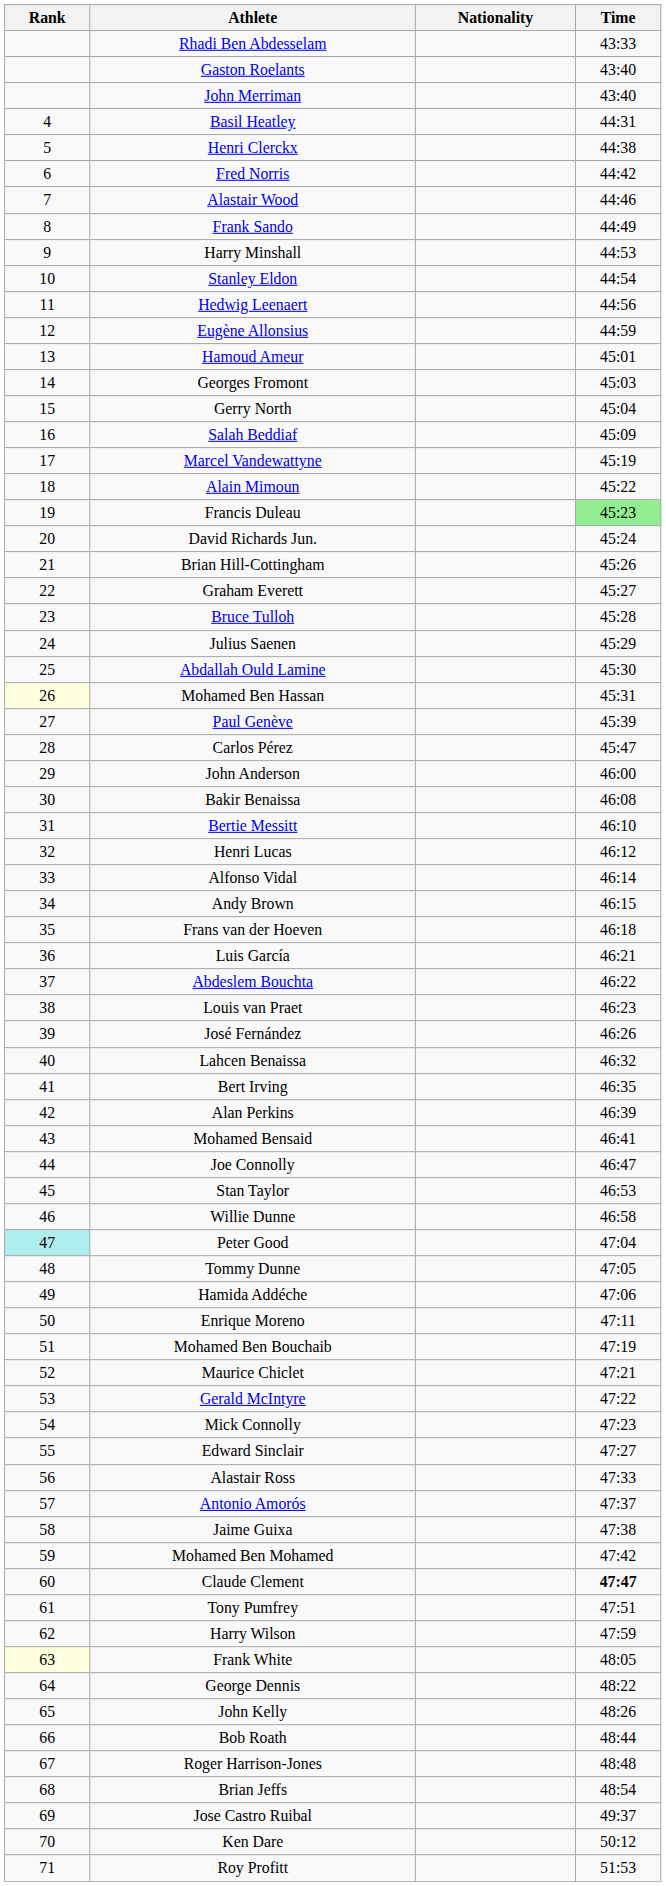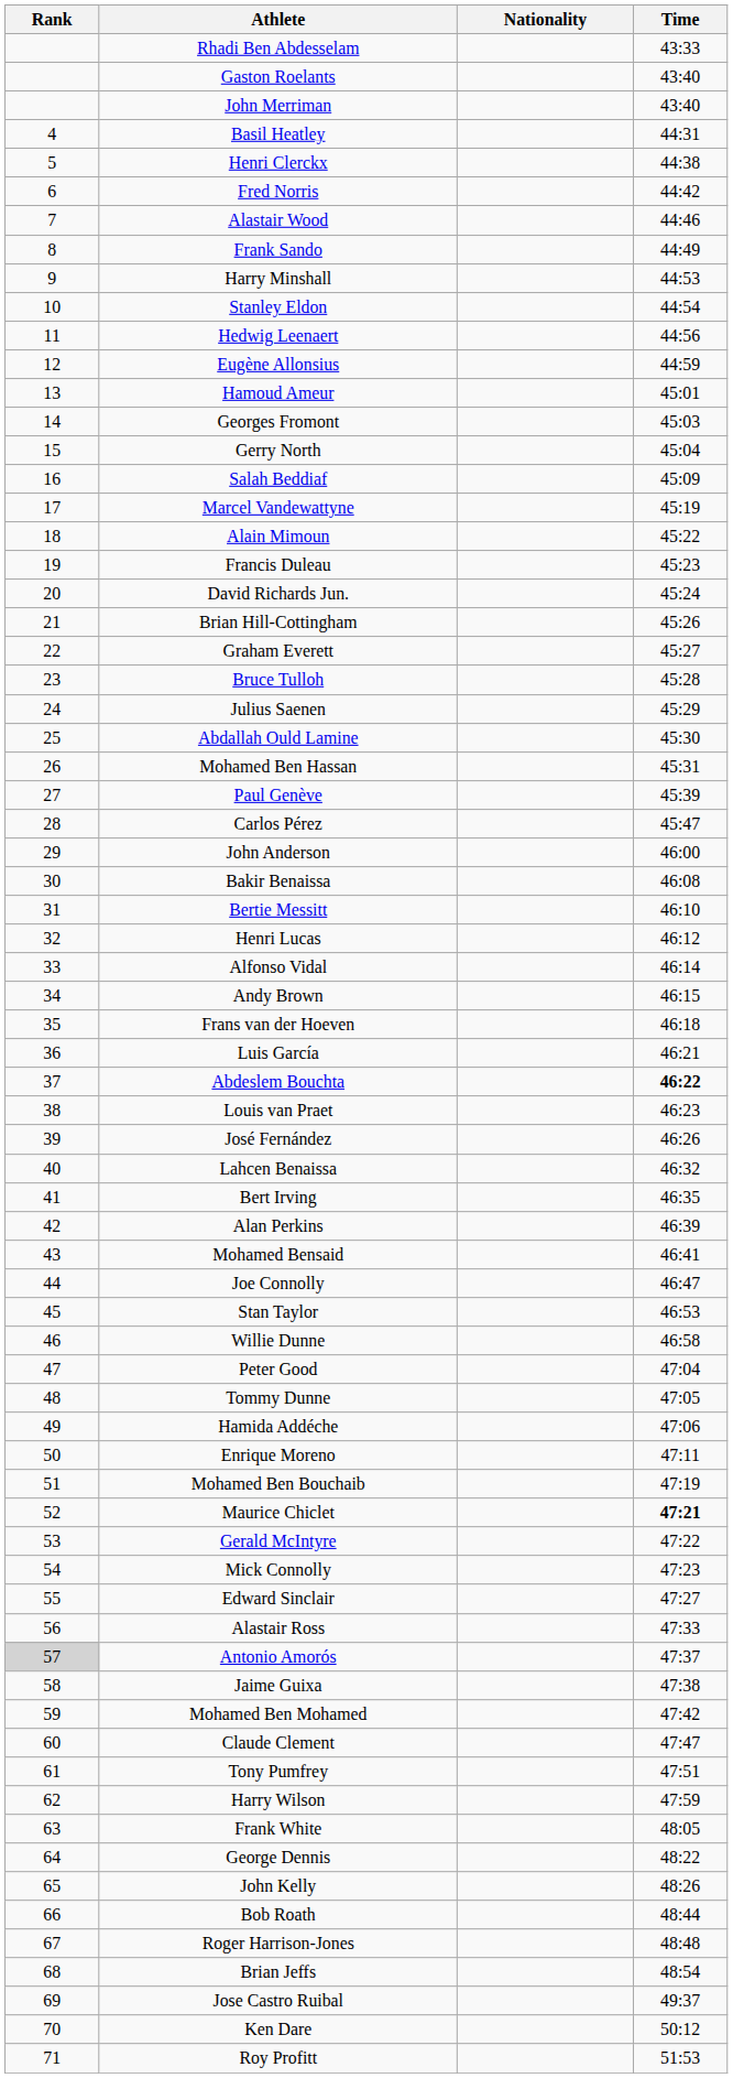 <table class="wikitable sortable" style=" text-align:center; font-size:95%;" width="50%">
 <tr>
 <th>Rank</th>
 <th>Athlete</th>
 <th>Nationality</th>
 <th>Time</th>
 </tr>
 <tr>
 <td align=center></td>
 <td><a href='#'>Rhadi Ben Abdesselam</a></td>
 <td></td>
 <td>43:33</td>
 </tr>
 <tr>
 <td align=center></td>
 <td><a href='#'>Gaston Roelants</a></td>
 <td></td>
 <td>43:40</td>
 </tr>
 <tr>
 <td align=center></td>
 <td><a href='#'>John Merriman</a></td>
 <td></td>
 <td>43:40</td>
 </tr>
 <tr>
 <td align=center>4</td>
 <td><a href='#'>Basil Heatley</a></td>
 <td></td>
 <td>44:31</td>
 </tr>
 <tr>
 <td align=center>5</td>
 <td><a href='#'>Henri Clerckx</a></td>
 <td></td>
 <td>44:38</td>
 </tr>
 <tr>
 <td align=center>6</td>
 <td><a href='#'>Fred Norris</a></td>
 <td></td>
 <td>44:42</td>
 </tr>
 <tr>
 <td align=center>7</td>
 <td><a href='#'>Alastair Wood</a></td>
 <td></td>
 <td>44:46</td>
 </tr>
 <tr>
 <td align=center>8</td>
 <td><a href='#'>Frank Sando</a></td>
 <td></td>
 <td>44:49</td>
 </tr>
 <tr>
 <td align=center>9</td>
 <td>Harry Minshall</td>
 <td></td>
 <td>44:53</td>
 </tr>
 <tr>
 <td align=center>10</td>
 <td><a href='#'>Stanley Eldon</a></td>
 <td></td>
 <td>44:54</td>
 </tr>
 <tr>
 <td align=center>11</td>
 <td><a href='#'>Hedwig Leenaert</a></td>
 <td></td>
 <td>44:56</td>
 </tr>
 <tr>
 <td align=center>12</td>
 <td><a href='#'>Eugène Allonsius</a></td>
 <td></td>
 <td>44:59</td>
 </tr>
 <tr>
 <td align=center>13</td>
 <td><a href='#'>Hamoud Ameur</a></td>
 <td></td>
 <td>45:01</td>
 </tr>
 <tr>
 <td align=center>14</td>
 <td>Georges Fromont</td>
 <td></td>
 <td>45:03</td>
 </tr>
 <tr>
 <td align=center>15</td>
 <td>Gerry North</td>
 <td></td>
 <td>45:04</td>
 </tr>
 <tr>
 <td align=center>16</td>
 <td><a href='#'>Salah Beddiaf</a></td>
 <td></td>
 <td>45:09</td>
 </tr>
 <tr>
 <td align=center>17</td>
 <td><a href='#'>Marcel Vandewattyne</a></td>
 <td></td>
 <td>45:19</td>
 </tr>
 <tr>
 <td align=center>18</td>
 <td><a href='#'>Alain Mimoun</a></td>
 <td></td>
 <td>45:22</td>
 </tr>
 <tr>
 <td align=center>19</td>
 <td>Francis Duleau</td>
 <td></td>
-<td style="background: lightgreen;">45:23</td>
+<td>45:23</td>
 </tr>
 <tr>
 <td align=center>20</td>
 <td>David Richards Jun.</td>
 <td></td>
 <td>45:24</td>
 </tr>
 <tr>
 <td align=center>21</td>
 <td>Brian Hill-Cottingham</td>
 <td></td>
 <td>45:26</td>
 </tr>
 <tr>
 <td align=center>22</td>
 <td>Graham Everett</td>
 <td></td>
 <td>45:27</td>
 </tr>
 <tr>
 <td align=center>23</td>
 <td><a href='#'>Bruce Tulloh</a></td>
 <td></td>
 <td>45:28</td>
 </tr>
 <tr>
 <td align=center>24</td>
 <td>Julius Saenen</td>
 <td></td>
 <td>45:29</td>
 </tr>
 <tr>
 <td align=center>25</td>
 <td><a href='#'>Abdallah Ould Lamine</a></td>
 <td></td>
 <td>45:30</td>
 </tr>
 <tr>
-<td align=center style="background: lightyellow;">26</td>
+<td align=center>26</td>
 <td>Mohamed Ben Hassan</td>
 <td></td>
 <td>45:31</td>
 </tr>
 <tr>
 <td align=center>27</td>
 <td><a href='#'>Paul Genève</a></td>
 <td></td>
 <td>45:39</td>
 </tr>
 <tr>
 <td align=center>28</td>
 <td>Carlos Pérez</td>
 <td></td>
 <td>45:47</td>
 </tr>
 <tr>
 <td align=center>29</td>
 <td>John Anderson</td>
 <td></td>
 <td>46:00</td>
 </tr>
 <tr>
 <td align=center>30</td>
 <td>Bakir Benaissa</td>
 <td></td>
 <td>46:08</td>
 </tr>
 <tr>
 <td align=center>31</td>
 <td><a href='#'>Bertie Messitt</a></td>
 <td></td>
 <td>46:10</td>
 </tr>
 <tr>
 <td align=center>32</td>
 <td>Henri Lucas</td>
 <td></td>
 <td>46:12</td>
 </tr>
 <tr>
 <td align=center>33</td>
 <td>Alfonso Vidal</td>
 <td></td>
 <td>46:14</td>
 </tr>
 <tr>
 <td align=center>34</td>
 <td>Andy Brown</td>
 <td></td>
 <td>46:15</td>
 </tr>
 <tr>
 <td align=center>35</td>
 <td>Frans van der Hoeven</td>
 <td></td>
 <td>46:18</td>
 </tr>
 <tr>
 <td align=center>36</td>
 <td>Luis García</td>
 <td></td>
 <td>46:21</td>
 </tr>
 <tr>
 <td align=center>37</td>
 <td><a href='#'>Abdeslem Bouchta</a></td>
 <td></td>
-<td>46:22</td>
+<td><strong>46:22</strong></td>
 </tr>
 <tr>
 <td align=center>38</td>
 <td>Louis van Praet</td>
 <td></td>
 <td>46:23</td>
 </tr>
 <tr>
 <td align=center>39</td>
 <td>José Fernández</td>
 <td></td>
 <td>46:26</td>
 </tr>
 <tr>
 <td align=center>40</td>
 <td>Lahcen Benaissa</td>
 <td></td>
 <td>46:32</td>
 </tr>
 <tr>
 <td align=center>41</td>
 <td>Bert Irving</td>
 <td></td>
 <td>46:35</td>
 </tr>
 <tr>
 <td align=center>42</td>
 <td>Alan Perkins</td>
 <td></td>
 <td>46:39</td>
 </tr>
 <tr>
 <td align=center>43</td>
 <td>Mohamed Bensaid</td>
 <td></td>
 <td>46:41</td>
 </tr>
 <tr>
 <td align=center>44</td>
 <td>Joe Connolly</td>
 <td></td>
 <td>46:47</td>
 </tr>
 <tr>
 <td align=center>45</td>
 <td>Stan Taylor</td>
 <td></td>
 <td>46:53</td>
 </tr>
 <tr>
 <td align=center>46</td>
 <td>Willie Dunne</td>
 <td></td>
 <td>46:58</td>
 </tr>
 <tr>
-<td align=center style="background: paleturquoise;">47</td>
+<td align=center>47</td>
 <td>Peter Good</td>
 <td></td>
 <td>47:04</td>
 </tr>
 <tr>
 <td align=center>48</td>
 <td>Tommy Dunne</td>
 <td></td>
 <td>47:05</td>
 </tr>
 <tr>
 <td align=center>49</td>
 <td>Hamida Addéche</td>
 <td></td>
 <td>47:06</td>
 </tr>
 <tr>
 <td align=center>50</td>
 <td>Enrique Moreno</td>
 <td></td>
 <td>47:11</td>
 </tr>
 <tr>
 <td align=center>51</td>
 <td>Mohamed Ben Bouchaib</td>
 <td></td>
 <td>47:19</td>
 </tr>
 <tr>
 <td align=center>52</td>
 <td>Maurice Chiclet</td>
 <td></td>
-<td>47:21</td>
+<td><strong>47:21</strong></td>
 </tr>
 <tr>
 <td align=center>53</td>
 <td><a href='#'>Gerald McIntyre</a></td>
 <td></td>
 <td>47:22</td>
 </tr>
 <tr>
 <td align=center>54</td>
 <td>Mick Connolly</td>
 <td></td>
 <td>47:23</td>
 </tr>
 <tr>
 <td align=center>55</td>
 <td>Edward Sinclair</td>
 <td></td>
 <td>47:27</td>
 </tr>
 <tr>
 <td align=center>56</td>
 <td>Alastair Ross</td>
 <td></td>
 <td>47:33</td>
 </tr>
 <tr>
-<td align=center>57</td>
+<td align=center style="background: lightgrey;">57</td>
 <td><a href='#'>Antonio Amorós</a></td>
 <td></td>
 <td>47:37</td>
 </tr>
 <tr>
 <td align=center>58</td>
 <td>Jaime Guixa</td>
 <td></td>
 <td>47:38</td>
 </tr>
 <tr>
 <td align=center>59</td>
 <td>Mohamed Ben Mohamed</td>
 <td></td>
 <td>47:42</td>
 </tr>
 <tr>
 <td align=center>60</td>
 <td>Claude Clement</td>
 <td></td>
-<td><strong>47:47</strong></td>
+<td>47:47</td>
 </tr>
 <tr>
 <td align=center>61</td>
 <td>Tony Pumfrey</td>
 <td></td>
 <td>47:51</td>
 </tr>
 <tr>
 <td align=center>62</td>
 <td>Harry Wilson</td>
 <td></td>
 <td>47:59</td>
 </tr>
 <tr>
-<td align=center style="background: lightyellow;">63</td>
+<td align=center>63</td>
 <td>Frank White</td>
 <td></td>
 <td>48:05</td>
 </tr>
 <tr>
 <td align=center>64</td>
 <td>George Dennis</td>
 <td></td>
 <td>48:22</td>
 </tr>
 <tr>
 <td align=center>65</td>
 <td>John Kelly</td>
 <td></td>
 <td>48:26</td>
 </tr>
 <tr>
 <td align=center>66</td>
 <td>Bob Roath</td>
 <td></td>
 <td>48:44</td>
 </tr>
 <tr>
 <td align=center>67</td>
 <td>Roger Harrison-Jones</td>
 <td></td>
 <td>48:48</td>
 </tr>
 <tr>
 <td align=center>68</td>
 <td>Brian Jeffs</td>
 <td></td>
 <td>48:54</td>
 </tr>
 <tr>
 <td align=center>69</td>
 <td>Jose Castro Ruibal</td>
 <td></td>
 <td>49:37</td>
 </tr>
 <tr>
 <td align=center>70</td>
 <td>Ken Dare</td>
 <td></td>
 <td>50:12</td>
 </tr>
 <tr>
 <td align=center>71</td>
 <td>Roy Profitt</td>
 <td></td>
 <td>51:53</td>
 </tr>
 </table>
